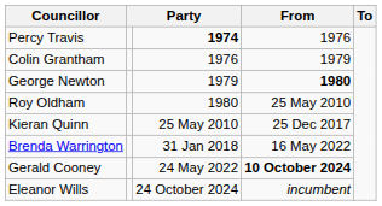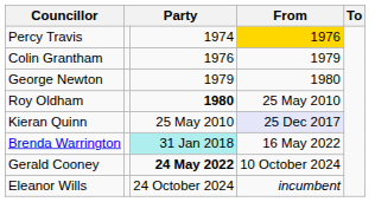 <table class=wikitable>
 <tr>
 <th>Councillor</th>
 <th colspan=2>Party</th>
 <th>From</th>
 <th>To</th>
 </tr>
 <tr>
 <td>Percy Travis</td>
 <td></td>
-<td align=right><strong>1974</strong></td>
-<td align=right>1976</td>
+<td align=right>1974</td>
+<td align=right style="background: gold;">1976</td>
 </tr>
 <tr>
 <td>Colin Grantham</td>
 <td></td>
 <td align=right>1976</td>
 <td align=right>1979</td>
 </tr>
 <tr>
 <td>George Newton</td>
 <td></td>
 <td align=right>1979</td>
-<td align=right><strong>1980</strong></td>
+<td align=right>1980</td>
 </tr>
 <tr>
 <td>Roy Oldham</td>
 <td></td>
-<td align=right>1980</td>
+<td align=right><strong>1980</strong></td>
 <td align=right>25 May 2010</td>
 </tr>
 <tr>
 <td>Kieran Quinn</td>
 <td></td>
 <td align=right>25 May 2010</td>
-<td align=right>25 Dec 2017</td>
+<td align=right style="background: lavender;">25 Dec 2017</td>
 </tr>
 <tr>
 <td><a href='#'>Brenda Warrington</a></td>
 <td></td>
-<td align=right>31 Jan 2018</td>
+<td align=right style="background: paleturquoise;">31 Jan 2018</td>
 <td align=right>16 May 2022</td>
 </tr>
 <tr>
 <td>Gerald Cooney</td>
 <td></td>
-<td align=right>24 May 2022</td>
-<td align=right><strong>10 October 2024</strong></td>
+<td align=right><strong>24 May 2022</strong></td>
+<td align=right>10 October 2024</td>
 </tr>
 <tr>
 <td>Eleanor Wills</td>
 <td></td>
 <td align=right>24 October 2024</td>
 <td align=right><em>incumbent</em></td>
 </tr>
 </table>
